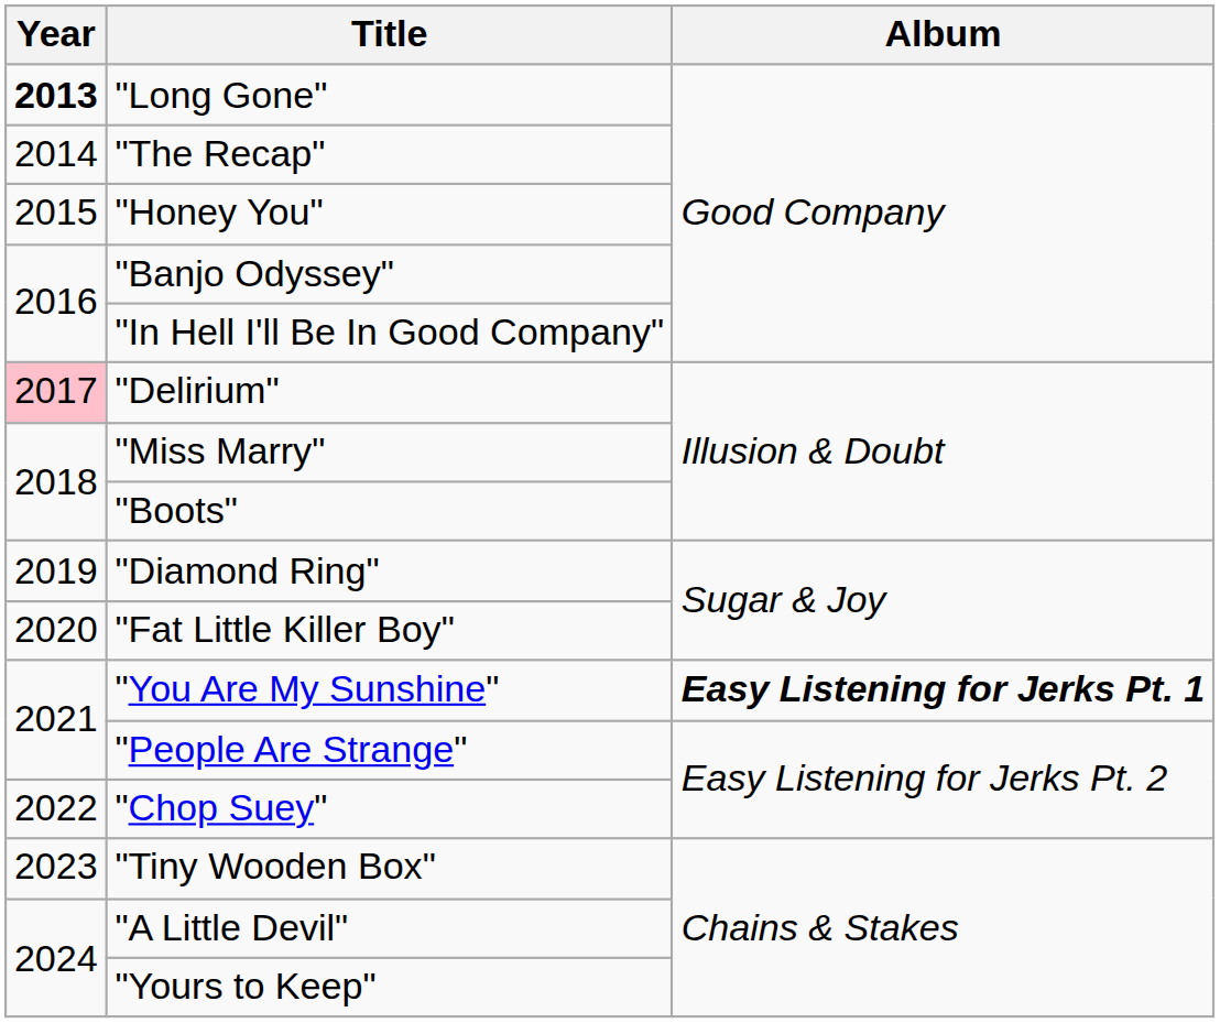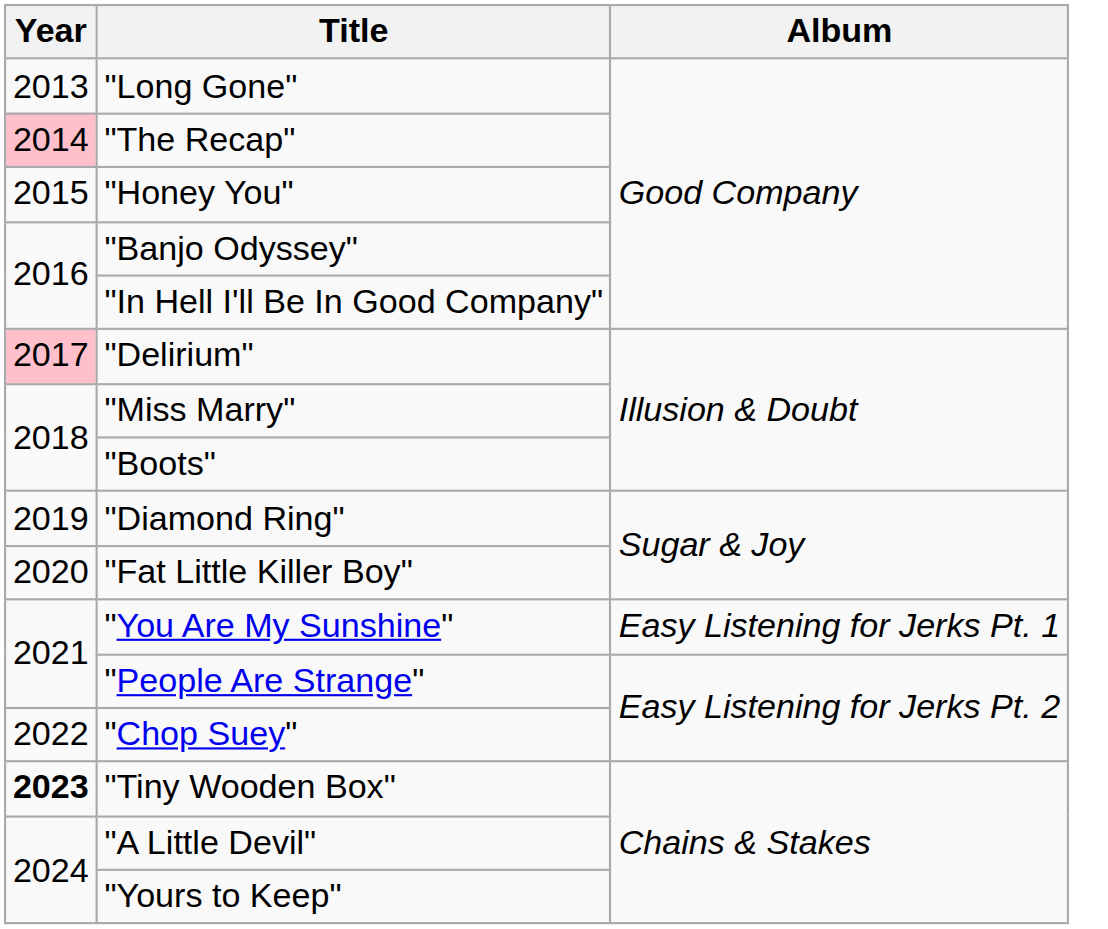 <table class="wikitable">
 <tr>
 <th>Year</th>
 <th>Title</th>
 <th>Album</th>
 </tr>
 <tr>
-<td><strong>2013</strong></td>
+<td>2013</td>
 <td>"Long Gone"</td>
 <td rowspan=5><em>Good Company</em></td>
 </tr>
 <tr>
-<td>2014</td>
+<td style="background: pink;">2014</td>
 <td>"The Recap"</td>
 </tr>
 <tr>
 <td>2015</td>
 <td>"Honey You"</td>
 </tr>
 <tr>
 <td rowspan=2>2016</td>
 <td>"Banjo Odyssey"</td>
 </tr>
 <tr>
 <td>"In Hell I'll Be In Good Company"</td>
 </tr>
 <tr>
 <td style="background: pink;">2017</td>
 <td>"Delirium"</td>
 <td rowspan=3><em>Illusion & Doubt</em></td>
 </tr>
 <tr>
 <td rowspan=2>2018</td>
 <td>"Miss Marry"</td>
 </tr>
 <tr>
 <td>"Boots"</td>
 </tr>
 <tr>
 <td>2019</td>
 <td>"Diamond Ring"</td>
 <td rowspan=2><em>Sugar & Joy</em></td>
 </tr>
 <tr>
 <td>2020</td>
 <td>"Fat Little Killer Boy"</td>
 </tr>
 <tr>
 <td rowspan=2>2021</td>
 <td>"<a href='#'>You Are My Sunshine</a>"</td>
-<td><strong><em>Easy Listening for Jerks Pt. 1</em></strong></td>
+<td><em>Easy Listening for Jerks Pt. 1</em></td>
 </tr>
 <tr>
 <td>"<a href='#'>People Are Strange</a>"</td>
 <td rowspan=2><em>Easy Listening for Jerks Pt. 2</em></td>
 </tr>
 <tr>
 <td>2022</td>
 <td>"<a href='#'>Chop Suey</a>"</td>
 </tr>
 <tr>
-<td>2023</td>
+<td><strong>2023</strong></td>
 <td>"Tiny Wooden Box"</td>
 <td rowspan=3><em>Chains & Stakes</em></td>
 </tr>
 <tr>
 <td rowspan=2>2024</td>
 <td>"A Little Devil"</td>
 </tr>
 <tr>
 <td>"Yours to Keep"</td>
 </tr>
 </table>
